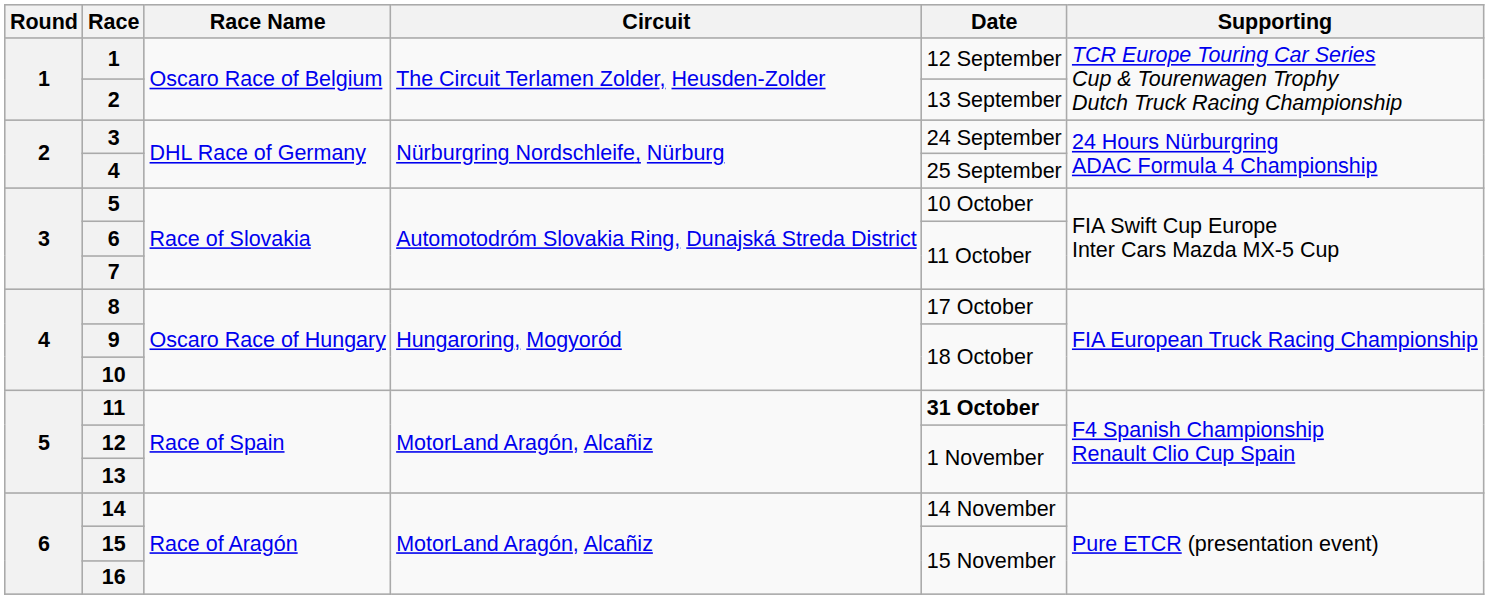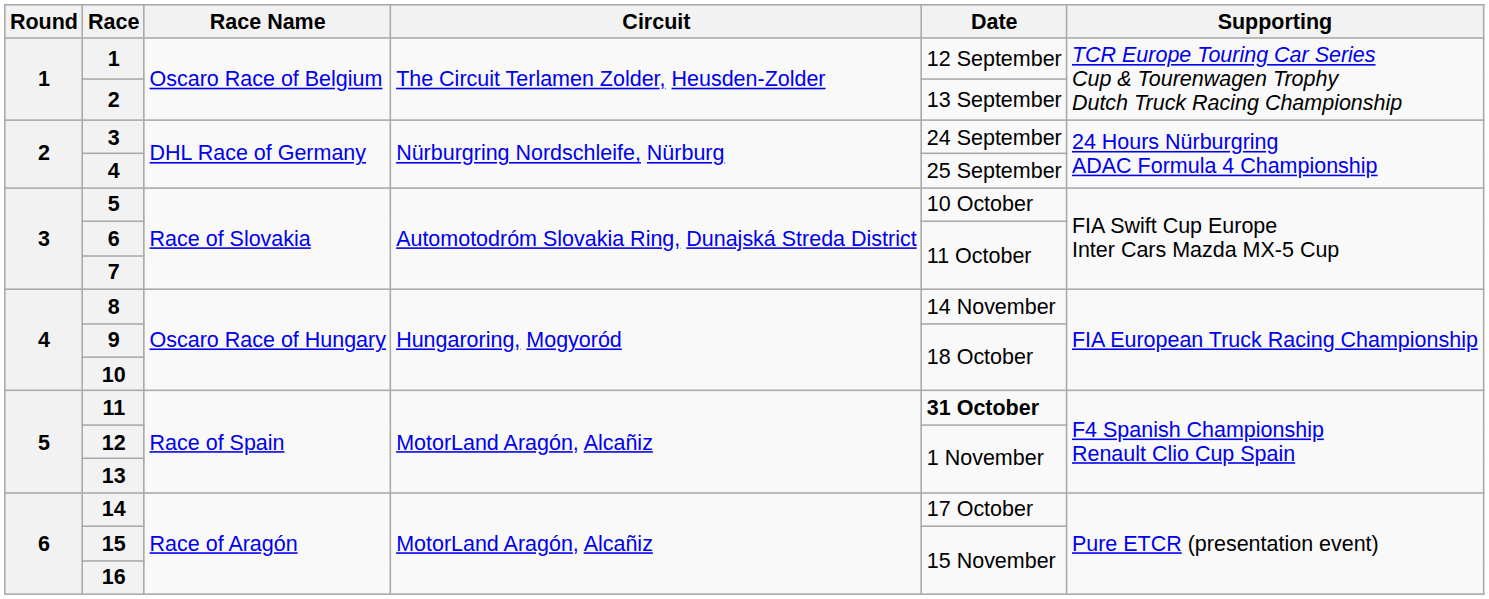 <table class="wikitable" style="font-size: 85%">
 <tr>
 <th>Round</th>
 <th>Race</th>
 <th>Race Name</th>
 <th>Circuit</th>
 <th>Date</th>
 <th>Supporting</th>
 </tr>
 <tr>
 <th rowspan="2">1</th>
 <th>1</th>
 <td rowspan="2"><a href='#'>Oscaro Race of Belgium</a></td>
 <td rowspan="2"> <a href='#'>The Circuit Terlamen Zolder</a><a href='#'>,</a> <a href='#'>Heusden-Zolder</a></td>
 <td>12 September</td>
 <td rowspan="2"><em><a href='#'>TCR Europe Touring Car Series</a> <br> Cup & Tourenwagen Trophy <br> Dutch Truck Racing Championship</td>
 </tr>
 <tr>
 <th>2</th>
 <td>13 September</td>
 </tr>
 <tr>
 <th rowspan="2">2</th>
 <th>3</th>
 <td rowspan="2"><a href='#'>DHL Race of Germany</a></td>
 <td rowspan="2"> <a href='#'>Nürburgring Nordschleife</a><a href='#'>,</a> <a href='#'>Nürburg</a></td>
 <td>24 September</td>
 <td rowspan="2"></em><a href='#'>24 Hours Nürburgring</a><br><a href='#'>ADAC Formula 4 Championship</a><em></td>
 </tr>
 <tr>
 <th>4</th>
 <td>25 September</td>
 </tr>
 <tr>
 <th rowspan="3">3</th>
 <th>5</th>
 <td rowspan="3"><a href='#'>Race of Slovakia</a></td>
 <td rowspan="3"> <a href='#'>Automotodróm Slovakia Ring</a><a href='#'>,</a> <a href='#'>Dunajská Streda District</a></td>
 <td>10 October</td>
 <td rowspan="3">FIA Swift Cup Europe <br> Inter Cars Mazda MX-5 Cup</td>
 </tr>
 <tr>
 <th>6</th>
 <td rowspan="2">11 October</td>
 </tr>
 <tr>
 <th>7</th>
 </tr>
 <tr>
 <th rowspan="3">4</th>
 <th>8</th>
 <td rowspan="3"><a href='#'>Oscaro Race of Hungary</a></td>
 <td rowspan="3"> <a href='#'>Hungaroring</a><a href='#'>,</a> <a href='#'>Mogyoród</a></td>
-<td>17 October</td>
+<td>14 November</td>
 <td rowspan="3"></em><a href='#'>FIA European Truck Racing Championship</a><em></td>
 </tr>
 <tr>
 <th>9</th>
 <td rowspan="2">18 October</td>
 </tr>
 <tr>
 <th>10</th>
 </tr>
 <tr>
 <th rowspan="3">5</th>
 <th>11</th>
 <td rowspan="3"><a href='#'>Race of Spain</a></td>
 <td rowspan="3"> <a href='#'>MotorLand Aragón</a><a href='#'>,</a> <a href='#'>Alcañiz</a></td>
 <td><strong>31 October</strong></td>
 <td rowspan="3"><a href='#'>F4 Spanish Championship</a><br><a href='#'>Renault Clio Cup Spain</a></td>
 </tr>
 <tr>
 <th>12</th>
 <td rowspan="2">1 November</td>
 </tr>
 <tr>
 <th>13</th>
 </tr>
 <tr>
 <th rowspan="3">6</th>
 <th>14</th>
 <td rowspan="3"><a href='#'>Race of Aragón</a></td>
 <td rowspan="3"> <a href='#'>MotorLand Aragón</a><a href='#'>,</a> <a href='#'>Alcañiz</a></td>
-<td>14 November</td>
+<td>17 October</td>
 <td rowspan="3"></em><a href='#'>Pure ETCR</a> (presentation event)<em></td>
 </tr>
 <tr>
 <th>15</th>
 <td rowspan="2">15 November</td>
 </tr>
 <tr>
 <th>16</th>
 </tr>
 </table>
